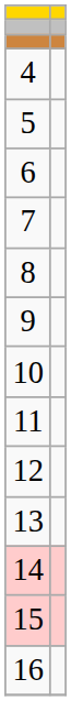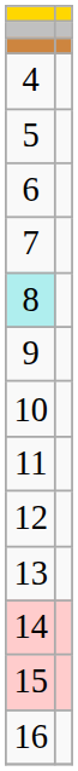 <table class="wikitable">
 <tr style="background:#ffd700;">
 <td align=center></td>
 <td></td>
 </tr>
 <tr style="background:#c0c0c0;">
 <td align=center></td>
 <td></td>
 </tr>
 <tr style="background:#CD853F;">
 <td align=center></td>
 <td></td>
 </tr>
 <tr>
 <td align=center>4</td>
 <td></td>
 </tr>
 <tr>
 <td align=center>5</td>
 <td></td>
 </tr>
 <tr>
 <td align=center>6</td>
 <td></td>
 </tr>
 <tr>
 <td align=center>7</td>
 <td></td>
 </tr>
 <tr>
-<td align=center>8</td>
+<td align=center style="background: paleturquoise;">8</td>
 <td></td>
 </tr>
 <tr>
 <td align=center>9</td>
 <td></td>
 </tr>
 <tr>
 <td align=center>10</td>
 <td></td>
 </tr>
 <tr>
 <td align=center>11</td>
 <td></td>
 </tr>
 <tr>
 <td align=center>12</td>
 <td></td>
 </tr>
 <tr>
 <td align=center>13</td>
 <td></td>
 </tr>
 <tr style="background:#ffcccc;">
 <td align=center>14</td>
 <td></td>
 </tr>
 <tr style="background:#ffcccc;">
 <td align=center>15</td>
 <td></td>
 </tr>
 <tr>
 <td align=center>16</td>
 <td></td>
 </tr>
 <tr>
 </tr>
 </table>
